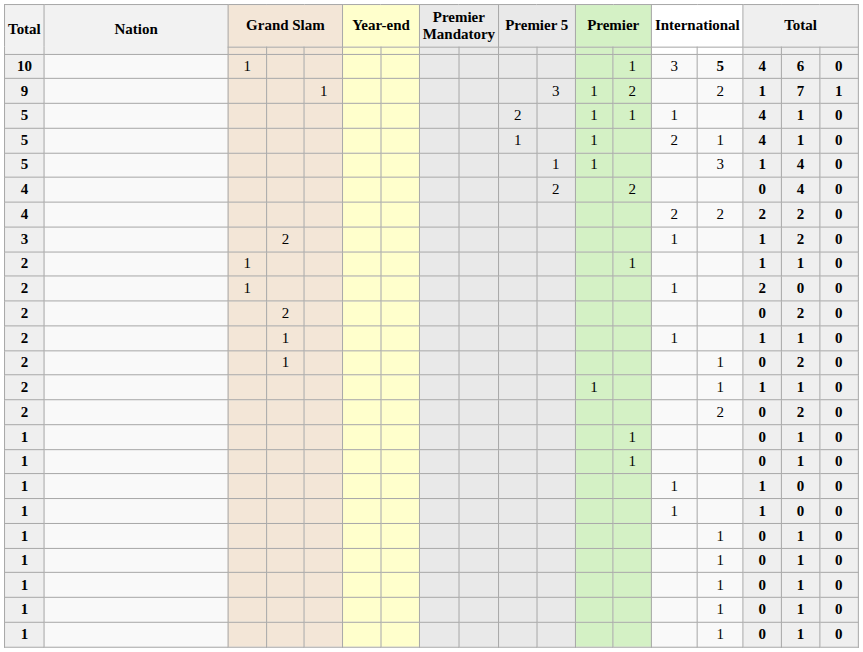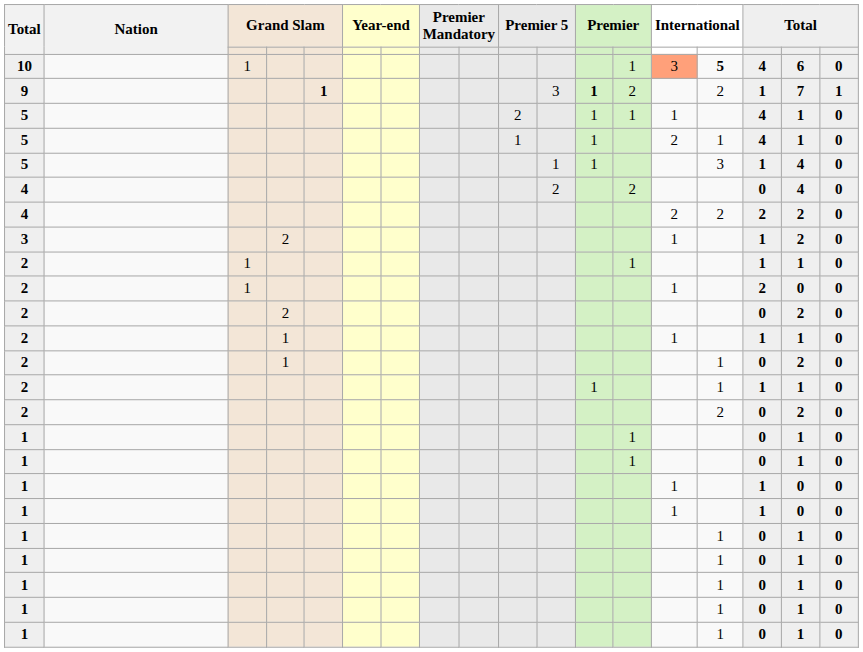 <table class="sortable wikitable nowrap" style="font-size:90%">
 <tr>
 <th rowspan="2">Total</th>
 <th rowspan="2" width=170>Nation</th>
 <th style="background-color:#f3e6d7;" colspan="3">Grand Slam</th>
 <th style="background-color:#ffc;" colspan="2">Year-end</th>
 <th style="background-color:#e9e9e9;" colspan="2">Premier Mandatory</th>
 <th style="background-color:#e9e9e9;" colspan="2">Premier 5</th>
 <th style="background-color:#d4f1c5;" colspan="2">Premier</th>
 <th style="background-color:#fff;" colspan="2">International</th>
 <th style="background-color:#efefef;" colspan="3">Total</th>
 </tr>
 <tr>
 <th style="width:30px; background-color:#f3e6d7;"></th>
 <th style="width:30px; background-color:#f3e6d7;"></th>
 <th style="width:30px; background-color:#f3e6d7;"></th>
 <th style="width:30px; background-color:#ffc;"></th>
 <th style="width:30px; background-color:#ffc;"></th>
 <th style="width:30px; background-color:#e9e9e9;"></th>
 <th style="width:30px; background-color:#e9e9e9;"></th>
 <th style="width:30px; background-color:#e9e9e9;"></th>
 <th style="width:30px; background-color:#e9e9e9;"></th>
 <th style="width:30px; background-color:#d4f1c5;"></th>
 <th style="width:30px; background-color:#d4f1c5;"></th>
 <th style="width:30px; background-color:#fff;"></th>
 <th style="width:30px; background-color:#fff;"></th>
 <th style="width:30px; background-color:#efefef;"></th>
 <th style="width:30px; background-color:#efefef;"></th>
 <th style="width:30px; background-color:#efefef;"></th>
 </tr>
 <tr align=center>
 <td style="background:#efefef;"><strong>10</strong></td>
 <td align=left></td>
 <td style="background:#F3E6D7;">1</td>
 <td style="background:#F3E6D7;"></td>
 <td style="background:#F3E6D7;"></td>
 <td style="background:#ffc;"></td>
 <td style="background:#ffc;"></td>
 <td style="background:#e9e9e9;"></td>
 <td style="background:#e9e9e9;"></td>
 <td style="background:#E9E9E9;"></td>
 <td style="background:#E9E9E9;"></td>
 <td style="background:#D4F1C5;"></td>
 <td style="background:#D4F1C5;">1</td>
-<td>3</td>
+<td style="background: lightsalmon;">3</td>
 <td><strong>5</strong></td>
 <td style="background:#efefef;"><strong>4</strong></td>
 <td style="background:#efefef;"><strong>6</strong></td>
 <td style="background:#efefef;"><strong>0</strong></td>
 </tr>
 <tr align=center>
 <td style="background:#efefef;"><strong>9</strong></td>
 <td align=left></td>
 <td style="background:#F3E6D7;"></td>
 <td style="background:#F3E6D7;"></td>
-<td style="background:#F3E6D7;">1</td>
+<td style="background:#F3E6D7;"><strong>1</strong></td>
 <td style="background:#ffc;"></td>
 <td style="background:#ffc;"></td>
 <td style="background:#e9e9e9;"></td>
 <td style="background:#e9e9e9;"></td>
 <td style="background:#E9E9E9;"></td>
 <td style="background:#E9E9E9;">3</td>
-<td style="background:#D4F1C5;">1</td>
+<td style="background:#D4F1C5;"><strong>1</strong></td>
 <td style="background:#D4F1C5;">2</td>
 <td></td>
 <td>2</td>
 <td style="background:#efefef;"><strong>1</strong></td>
 <td style="background:#efefef;"><strong>7</strong></td>
 <td style="background:#efefef;"><strong>1</strong></td>
 </tr>
 <tr align=center>
 <td style="background:#efefef;"><strong>5</strong></td>
 <td align=left></td>
 <td style="background:#F3E6D7;"></td>
 <td style="background:#F3E6D7;"></td>
 <td style="background:#F3E6D7;"></td>
 <td style="background:#ffc;"></td>
 <td style="background:#ffc;"></td>
 <td style="background:#e9e9e9;"></td>
 <td style="background:#e9e9e9;"></td>
 <td style="background:#E9E9E9;">2</td>
 <td style="background:#E9E9E9;"></td>
 <td style="background:#D4F1C5;">1</td>
 <td style="background:#D4F1C5;">1</td>
 <td>1</td>
 <td></td>
 <td style="background:#efefef;"><strong>4</strong></td>
 <td style="background:#efefef;"><strong>1</strong></td>
 <td style="background:#efefef;"><strong>0</strong></td>
 </tr>
 <tr align=center>
 <td style="background:#efefef;"><strong>5</strong></td>
 <td align=left></td>
 <td style="background:#F3E6D7;"></td>
 <td style="background:#F3E6D7;"></td>
 <td style="background:#F3E6D7;"></td>
 <td style="background:#ffc;"></td>
 <td style="background:#ffc;"></td>
 <td style="background:#e9e9e9;"></td>
 <td style="background:#e9e9e9;"></td>
 <td style="background:#E9E9E9;">1</td>
 <td style="background:#E9E9E9;"></td>
 <td style="background:#D4F1C5;">1</td>
 <td style="background:#D4F1C5;"></td>
 <td>2</td>
 <td>1</td>
 <td style="background:#efefef;"><strong>4</strong></td>
 <td style="background:#efefef;"><strong>1</strong></td>
 <td style="background:#efefef;"><strong>0</strong></td>
 </tr>
 <tr align=center>
 <td style="background:#efefef;"><strong>5</strong></td>
 <td align=left></td>
 <td style="background:#F3E6D7;"></td>
 <td style="background:#F3E6D7;"></td>
 <td style="background:#F3E6D7;"></td>
 <td style="background:#ffc;"></td>
 <td style="background:#ffc;"></td>
 <td style="background:#e9e9e9;"></td>
 <td style="background:#e9e9e9;"></td>
 <td style="background:#E9E9E9;"></td>
 <td style="background:#E9E9E9;">1</td>
 <td style="background:#D4F1C5;">1</td>
 <td style="background:#D4F1C5;"></td>
 <td></td>
 <td>3</td>
 <td style="background:#efefef;"><strong>1</strong></td>
 <td style="background:#efefef;"><strong>4</strong></td>
 <td style="background:#efefef;"><strong>0</strong></td>
 </tr>
 <tr align=center>
 <td style="background:#efefef;"><strong>4</strong></td>
 <td align=left></td>
 <td style="background:#F3E6D7;"></td>
 <td style="background:#F3E6D7;"></td>
 <td style="background:#F3E6D7;"></td>
 <td style="background:#ffc;"></td>
 <td style="background:#ffc;"></td>
 <td style="background:#e9e9e9;"></td>
 <td style="background:#e9e9e9;"></td>
 <td style="background:#E9E9E9;"></td>
 <td style="background:#E9E9E9;">2</td>
 <td style="background:#D4F1C5;"></td>
 <td style="background:#D4F1C5;">2</td>
 <td></td>
 <td></td>
 <td style="background:#efefef;"><strong>0</strong></td>
 <td style="background:#efefef;"><strong>4</strong></td>
 <td style="background:#efefef;"><strong>0</strong></td>
 </tr>
 <tr align=center>
 <td style="background:#efefef;"><strong>4</strong></td>
 <td align=left></td>
 <td style="background:#F3E6D7;"></td>
 <td style="background:#F3E6D7;"></td>
 <td style="background:#F3E6D7;"></td>
 <td style="background:#ffc;"></td>
 <td style="background:#ffc;"></td>
 <td style="background:#e9e9e9;"></td>
 <td style="background:#e9e9e9;"></td>
 <td style="background:#E9E9E9;"></td>
 <td style="background:#E9E9E9;"></td>
 <td style="background:#D4F1C5;"></td>
 <td style="background:#D4F1C5;"></td>
 <td>2</td>
 <td>2</td>
 <td style="background:#efefef;"><strong>2</strong></td>
 <td style="background:#efefef;"><strong>2</strong></td>
 <td style="background:#efefef;"><strong>0</strong></td>
 </tr>
 <tr align=center>
 <td style="background:#efefef;"><strong>3</strong></td>
 <td align=left></td>
 <td style="background:#F3E6D7;"></td>
 <td style="background:#F3E6D7;">2</td>
 <td style="background:#F3E6D7;"></td>
 <td style="background:#ffc;"></td>
 <td style="background:#ffc;"></td>
 <td style="background:#e9e9e9;"></td>
 <td style="background:#e9e9e9;"></td>
 <td style="background:#E9E9E9;"></td>
 <td style="background:#E9E9E9;"></td>
 <td style="background:#D4F1C5;"></td>
 <td style="background:#D4F1C5;"></td>
 <td>1</td>
 <td></td>
 <td style="background:#efefef;"><strong>1</strong></td>
 <td style="background:#efefef;"><strong>2</strong></td>
 <td style="background:#efefef;"><strong>0</strong></td>
 </tr>
 <tr align=center>
 <td style="background:#efefef;"><strong>2</strong></td>
 <td align=left></td>
 <td style="background:#F3E6D7;">1</td>
 <td style="background:#F3E6D7;"></td>
 <td style="background:#F3E6D7;"></td>
 <td style="background:#ffc;"></td>
 <td style="background:#ffc;"></td>
 <td style="background:#e9e9e9;"></td>
 <td style="background:#e9e9e9;"></td>
 <td style="background:#E9E9E9;"></td>
 <td style="background:#E9E9E9;"></td>
 <td style="background:#D4F1C5;"></td>
 <td style="background:#D4F1C5;">1</td>
 <td></td>
 <td></td>
 <td style="background:#efefef;"><strong>1</strong></td>
 <td style="background:#efefef;"><strong>1</strong></td>
 <td style="background:#efefef;"><strong>0</strong></td>
 </tr>
 <tr align=center>
 <td style="background:#efefef;"><strong>2</strong></td>
 <td align=left></td>
 <td style="background:#F3E6D7;">1</td>
 <td style="background:#F3E6D7;"></td>
 <td style="background:#F3E6D7;"></td>
 <td style="background:#ffc;"></td>
 <td style="background:#ffc;"></td>
 <td style="background:#e9e9e9;"></td>
 <td style="background:#e9e9e9;"></td>
 <td style="background:#E9E9E9;"></td>
 <td style="background:#E9E9E9;"></td>
 <td style="background:#D4F1C5;"></td>
 <td style="background:#D4F1C5;"></td>
 <td>1</td>
 <td></td>
 <td style="background:#efefef;"><strong>2</strong></td>
 <td style="background:#efefef;"><strong>0</strong></td>
 <td style="background:#efefef;"><strong>0</strong></td>
 </tr>
 <tr align=center>
 <td style="background:#efefef;"><strong>2</strong></td>
 <td align=left></td>
 <td style="background:#F3E6D7;"></td>
 <td style="background:#F3E6D7;">2</td>
 <td style="background:#F3E6D7;"></td>
 <td style="background:#ffc;"></td>
 <td style="background:#ffc;"></td>
 <td style="background:#e9e9e9;"></td>
 <td style="background:#e9e9e9;"></td>
 <td style="background:#E9E9E9;"></td>
 <td style="background:#E9E9E9;"></td>
 <td style="background:#D4F1C5;"></td>
 <td style="background:#D4F1C5;"></td>
 <td></td>
 <td></td>
 <td style="background:#efefef;"><strong>0</strong></td>
 <td style="background:#efefef;"><strong>2</strong></td>
 <td style="background:#efefef;"><strong>0</strong></td>
 </tr>
 <tr align=center>
 <td style="background:#efefef;"><strong>2</strong></td>
 <td align=left></td>
 <td style="background:#F3E6D7;"></td>
 <td style="background:#F3E6D7;">1</td>
 <td style="background:#F3E6D7;"></td>
 <td style="background:#ffc;"></td>
 <td style="background:#ffc;"></td>
 <td style="background:#e9e9e9;"></td>
 <td style="background:#e9e9e9;"></td>
 <td style="background:#E9E9E9;"></td>
 <td style="background:#E9E9E9;"></td>
 <td style="background:#D4F1C5;"></td>
 <td style="background:#D4F1C5;"></td>
 <td>1</td>
 <td></td>
 <td style="background:#efefef;"><strong>1</strong></td>
 <td style="background:#efefef;"><strong>1</strong></td>
 <td style="background:#efefef;"><strong>0</strong></td>
 </tr>
 <tr align=center>
 <td style="background:#efefef;"><strong>2</strong></td>
 <td align=left></td>
 <td style="background:#F3E6D7;"></td>
 <td style="background:#F3E6D7;">1</td>
 <td style="background:#F3E6D7;"></td>
 <td style="background:#ffc;"></td>
 <td style="background:#ffc;"></td>
 <td style="background:#e9e9e9;"></td>
 <td style="background:#e9e9e9;"></td>
 <td style="background:#E9E9E9;"></td>
 <td style="background:#E9E9E9;"></td>
 <td style="background:#D4F1C5;"></td>
 <td style="background:#D4F1C5;"></td>
 <td></td>
 <td>1</td>
 <td style="background:#efefef;"><strong>0</strong></td>
 <td style="background:#efefef;"><strong>2</strong></td>
 <td style="background:#efefef;"><strong>0</strong></td>
 </tr>
 <tr align=center>
 <td style="background:#efefef;"><strong>2</strong></td>
 <td align=left></td>
 <td style="background:#F3E6D7;"></td>
 <td style="background:#F3E6D7;"></td>
 <td style="background:#F3E6D7;"></td>
 <td style="background:#ffc;"></td>
 <td style="background:#ffc;"></td>
 <td style="background:#e9e9e9;"></td>
 <td style="background:#e9e9e9;"></td>
 <td style="background:#E9E9E9;"></td>
 <td style="background:#E9E9E9;"></td>
 <td style="background:#D4F1C5;">1</td>
 <td style="background:#D4F1C5;"></td>
 <td></td>
 <td>1</td>
 <td style="background:#efefef;"><strong>1</strong></td>
 <td style="background:#efefef;"><strong>1</strong></td>
 <td style="background:#efefef;"><strong>0</strong></td>
 </tr>
 <tr align=center>
 <td style="background:#efefef;"><strong>2</strong></td>
 <td align=left></td>
 <td style="background:#F3E6D7;"></td>
 <td style="background:#F3E6D7;"></td>
 <td style="background:#F3E6D7;"></td>
 <td style="background:#ffc;"></td>
 <td style="background:#ffc;"></td>
 <td style="background:#e9e9e9;"></td>
 <td style="background:#e9e9e9;"></td>
 <td style="background:#E9E9E9;"></td>
 <td style="background:#E9E9E9;"></td>
 <td style="background:#D4F1C5;"></td>
 <td style="background:#D4F1C5;"></td>
 <td></td>
 <td>2</td>
 <td style="background:#efefef;"><strong>0</strong></td>
 <td style="background:#efefef;"><strong>2</strong></td>
 <td style="background:#efefef;"><strong>0</strong></td>
 </tr>
 <tr align=center>
 <td style="background:#efefef;"><strong>1</strong></td>
 <td align=left></td>
 <td style="background:#F3E6D7;"></td>
 <td style="background:#F3E6D7;"></td>
 <td style="background:#F3E6D7;"></td>
 <td style="background:#ffc;"></td>
 <td style="background:#ffc;"></td>
 <td style="background:#e9e9e9;"></td>
 <td style="background:#e9e9e9;"></td>
 <td style="background:#E9E9E9;"></td>
 <td style="background:#E9E9E9;"></td>
 <td style="background:#D4F1C5;"></td>
 <td style="background:#D4F1C5;">1</td>
 <td></td>
 <td></td>
 <td style="background:#efefef;"><strong>0</strong></td>
 <td style="background:#efefef;"><strong>1</strong></td>
 <td style="background:#efefef;"><strong>0</strong></td>
 </tr>
 <tr align=center>
 <td style="background:#efefef;"><strong>1</strong></td>
 <td align=left></td>
 <td style="background:#F3E6D7;"></td>
 <td style="background:#F3E6D7;"></td>
 <td style="background:#F3E6D7;"></td>
 <td style="background:#ffc;"></td>
 <td style="background:#ffc;"></td>
 <td style="background:#e9e9e9;"></td>
 <td style="background:#e9e9e9;"></td>
 <td style="background:#E9E9E9;"></td>
 <td style="background:#E9E9E9;"></td>
 <td style="background:#D4F1C5;"></td>
 <td style="background:#D4F1C5;">1</td>
 <td></td>
 <td></td>
 <td style="background:#efefef;"><strong>0</strong></td>
 <td style="background:#efefef;"><strong>1</strong></td>
 <td style="background:#efefef;"><strong>0</strong></td>
 </tr>
 <tr align=center>
 <td style="background:#efefef;"><strong>1</strong></td>
 <td align=left></td>
 <td style="background:#F3E6D7;"></td>
 <td style="background:#F3E6D7;"></td>
 <td style="background:#F3E6D7;"></td>
 <td style="background:#ffc;"></td>
 <td style="background:#ffc;"></td>
 <td style="background:#e9e9e9;"></td>
 <td style="background:#e9e9e9;"></td>
 <td style="background:#E9E9E9;"></td>
 <td style="background:#E9E9E9;"></td>
 <td style="background:#D4F1C5;"></td>
 <td style="background:#D4F1C5;"></td>
 <td>1</td>
 <td></td>
 <td style="background:#efefef;"><strong>1</strong></td>
 <td style="background:#efefef;"><strong>0</strong></td>
 <td style="background:#efefef;"><strong>0</strong></td>
 </tr>
 <tr align=center>
 <td style="background:#efefef;"><strong>1</strong></td>
 <td align=left></td>
 <td style="background:#F3E6D7;"></td>
 <td style="background:#F3E6D7;"></td>
 <td style="background:#F3E6D7;"></td>
 <td style="background:#ffc;"></td>
 <td style="background:#ffc;"></td>
 <td style="background:#e9e9e9;"></td>
 <td style="background:#e9e9e9;"></td>
 <td style="background:#E9E9E9;"></td>
 <td style="background:#E9E9E9;"></td>
 <td style="background:#D4F1C5;"></td>
 <td style="background:#D4F1C5;"></td>
 <td>1</td>
 <td></td>
 <td style="background:#efefef;"><strong>1</strong></td>
 <td style="background:#efefef;"><strong>0</strong></td>
 <td style="background:#efefef;"><strong>0</strong></td>
 </tr>
 <tr align=center>
 <td style="background:#efefef;"><strong>1</strong></td>
 <td align=left></td>
 <td style="background:#F3E6D7;"></td>
 <td style="background:#F3E6D7;"></td>
 <td style="background:#F3E6D7;"></td>
 <td style="background:#ffc;"></td>
 <td style="background:#ffc;"></td>
 <td style="background:#e9e9e9;"></td>
 <td style="background:#e9e9e9;"></td>
 <td style="background:#E9E9E9;"></td>
 <td style="background:#E9E9E9;"></td>
 <td style="background:#D4F1C5;"></td>
 <td style="background:#D4F1C5;"></td>
 <td></td>
 <td>1</td>
 <td style="background:#efefef;"><strong>0</strong></td>
 <td style="background:#efefef;"><strong>1</strong></td>
 <td style="background:#efefef;"><strong>0</strong></td>
 </tr>
 <tr align=center>
 <td style="background:#efefef;"><strong>1</strong></td>
 <td align=left></td>
 <td style="background:#F3E6D7;"></td>
 <td style="background:#F3E6D7;"></td>
 <td style="background:#F3E6D7;"></td>
 <td style="background:#ffc;"></td>
 <td style="background:#ffc;"></td>
 <td style="background:#e9e9e9;"></td>
 <td style="background:#e9e9e9;"></td>
 <td style="background:#E9E9E9;"></td>
 <td style="background:#E9E9E9;"></td>
 <td style="background:#D4F1C5;"></td>
 <td style="background:#D4F1C5;"></td>
 <td></td>
 <td>1</td>
 <td style="background:#efefef;"><strong>0</strong></td>
 <td style="background:#efefef;"><strong>1</strong></td>
 <td style="background:#efefef;"><strong>0</strong></td>
 </tr>
 <tr align=center>
 <td style="background:#efefef;"><strong>1</strong></td>
 <td align=left></td>
 <td style="background:#F3E6D7;"></td>
 <td style="background:#F3E6D7;"></td>
 <td style="background:#F3E6D7;"></td>
 <td style="background:#ffc;"></td>
 <td style="background:#ffc;"></td>
 <td style="background:#e9e9e9;"></td>
 <td style="background:#e9e9e9;"></td>
 <td style="background:#E9E9E9;"></td>
 <td style="background:#E9E9E9;"></td>
 <td style="background:#D4F1C5;"></td>
 <td style="background:#D4F1C5;"></td>
 <td></td>
 <td>1</td>
 <td style="background:#efefef;"><strong>0</strong></td>
 <td style="background:#efefef;"><strong>1</strong></td>
 <td style="background:#efefef;"><strong>0</strong></td>
 </tr>
 <tr align=center>
 <td style="background:#efefef;"><strong>1</strong></td>
 <td align=left></td>
 <td style="background:#F3E6D7;"></td>
 <td style="background:#F3E6D7;"></td>
 <td style="background:#F3E6D7;"></td>
 <td style="background:#ffc;"></td>
 <td style="background:#ffc;"></td>
 <td style="background:#e9e9e9;"></td>
 <td style="background:#e9e9e9;"></td>
 <td style="background:#E9E9E9;"></td>
 <td style="background:#E9E9E9;"></td>
 <td style="background:#D4F1C5;"></td>
 <td style="background:#D4F1C5;"></td>
 <td></td>
 <td>1</td>
 <td style="background:#efefef;"><strong>0</strong></td>
 <td style="background:#efefef;"><strong>1</strong></td>
 <td style="background:#efefef;"><strong>0</strong></td>
 </tr>
 <tr align=center>
 <td style="background:#efefef;"><strong>1</strong></td>
 <td align=left></td>
 <td style="background:#F3E6D7;"></td>
 <td style="background:#F3E6D7;"></td>
 <td style="background:#F3E6D7;"></td>
 <td style="background:#ffc;"></td>
 <td style="background:#ffc;"></td>
 <td style="background:#e9e9e9;"></td>
 <td style="background:#e9e9e9;"></td>
 <td style="background:#E9E9E9;"></td>
 <td style="background:#E9E9E9;"></td>
 <td style="background:#D4F1C5;"></td>
 <td style="background:#D4F1C5;"></td>
 <td></td>
 <td>1</td>
 <td style="background:#efefef;"><strong>0</strong></td>
 <td style="background:#efefef;"><strong>1</strong></td>
 <td style="background:#efefef;"><strong>0</strong></td>
 </tr>
 </table>
